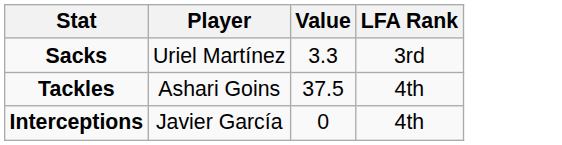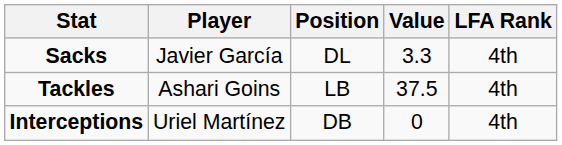 <table class="wikitable" style="text-align:center">
 <tr>
 <th>Stat</th>
 <th>Player</th>
+<th>Position</th>
 <th>Value</th>
 <th>LFA Rank</th>
 </tr>
 <tr>
 <td><strong>Sacks</strong></td>
-<td>Uriel Martínez</td>
+<td>Javier García</td>
+<td>DL</td>
 <td>3.3</td>
-<td>3rd</td>
+<td>4th</td>
 </tr>
 <tr>
 <td><strong>Tackles</strong></td>
 <td>Ashari Goins</td>
+<td>LB</td>
 <td>37.5</td>
 <td>4th</td>
 </tr>
 <tr>
 <td><strong>Interceptions</strong></td>
-<td>Javier García</td>
+<td>Uriel Martínez</td>
+<td>DB</td>
 <td>0</td>
 <td>4th</td>
 </tr>
 </table>
